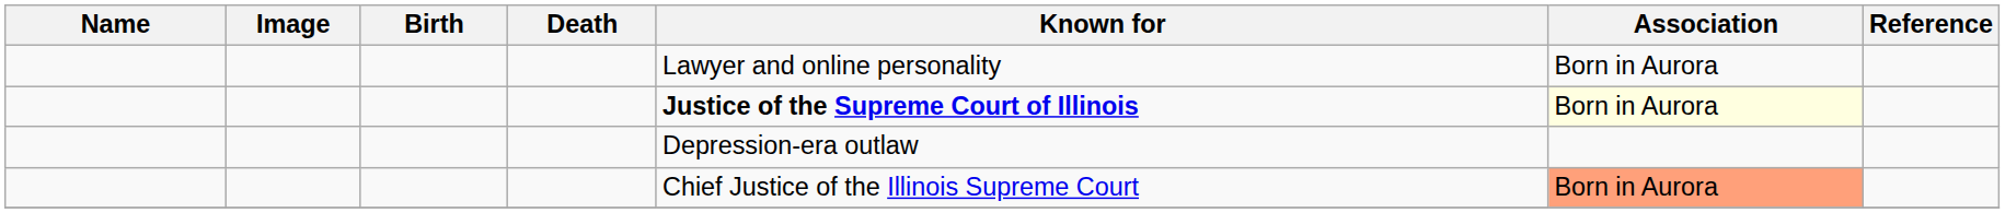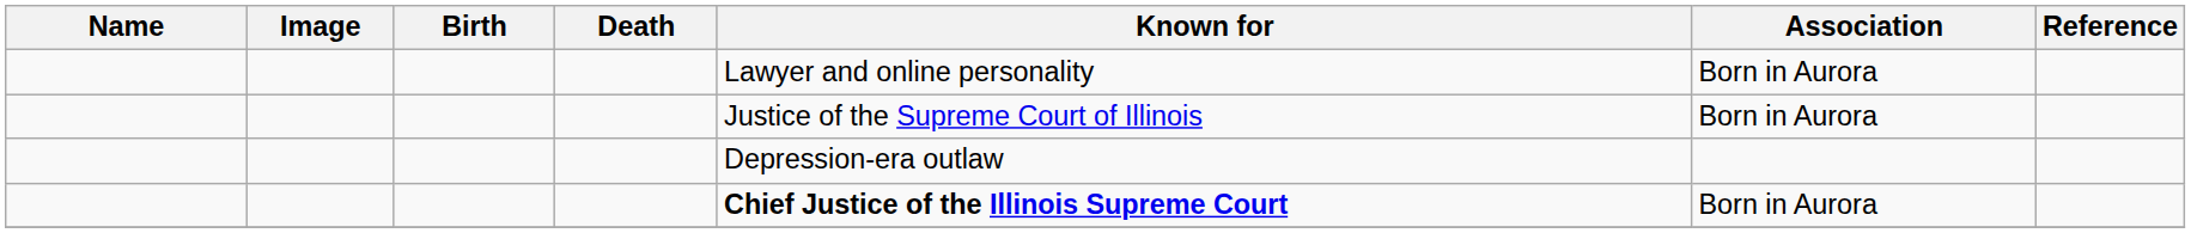 <table class="wikitable sortable">
 <tr>
 <th scope="col" width="140">Name</th>
 <th scope="col" width="80" class="unsortable">Image</th>
 <th scope="col" width="90">Birth</th>
 <th scope="col" width="90">Death</th>
 <th scope="col" width="600" class="unsortable">Known for</th>
 <th scope="col" width="200" class="unsortable">Association</th>
 <th scope="col" width="30" class="unsortable">Reference</th>
 </tr>
 <tr>
 <td></td>
 <td></td>
 <td align="right"></td>
 <td></td>
 <td>Lawyer and online personality</td>
 <td>Born in Aurora</td>
 <td></td>
 </tr>
 <tr>
 <td></td>
 <td></td>
 <td align="right"></td>
 <td></td>
-<td><strong>Justice of the <a href='#'>Supreme Court of Illinois</a></strong></td>
-<td style="background: lightyellow;">Born in Aurora</td>
+<td>Justice of the <a href='#'>Supreme Court of Illinois</a></td>
+<td>Born in Aurora</td>
 <td></td>
 </tr>
 <tr>
 <td></td>
 <td></td>
 <td align=right></td>
 <td align=right></td>
 <td>Depression-era outlaw</td>
 <td></td>
 <td align="center"></td>
 </tr>
 <tr>
 <td></td>
 <td></td>
 <td align="right"></td>
 <td align="right"></td>
-<td>Chief Justice of the <a href='#'>Illinois Supreme Court</a></td>
-<td style="background: lightsalmon;">Born in Aurora</td>
+<td><strong>Chief Justice of the <a href='#'>Illinois Supreme Court</a></strong></td>
+<td>Born in Aurora</td>
 <td></td>
 </tr>
 <tr>
 </tr>
 </table>
